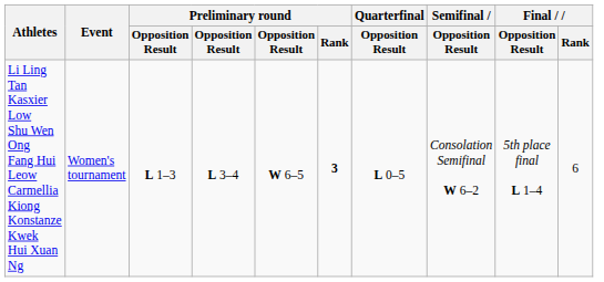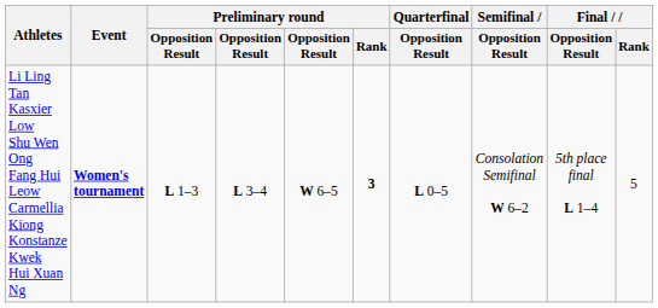 <table class=wikitable style=font-size:90%>
 <tr>
 <th rowspan=2>Athletes</th>
 <th rowspan=2>Event</th>
 <th colspan=4>Preliminary round</th>
 <th>Quarterfinal</th>
 <th>Semifinal / </th>
 <th colspan=2>Final /  / </th>
 </tr>
 <tr style=font-size:95%>
 <th>Opposition<br>Result</th>
 <th>Opposition<br>Result</th>
 <th>Opposition<br>Result</th>
 <th>Rank</th>
 <th>Opposition<br>Result</th>
 <th>Opposition<br>Result</th>
 <th>Opposition<br>Result</th>
 <th>Rank</th>
 </tr>
 <tr align=center>
 <td align=left><a href='#'>Li Ling Tan</a><br><a href='#'>Kasxier Low</a><br><a href='#'>Shu Wen Ong</a><br><a href='#'>Fang Hui Leow</a><br><a href='#'>Carmellia Kiong</a><br><a href='#'>Konstanze Kwek</a><br><a href='#'>Hui Xuan Ng</a></td>
-<td align=left><a href='#'>Women's tournament</a></td>
+<td align=left><strong><a href='#'>Women's tournament</a></strong></td>
 <td><br><strong>L</strong> 1–3</td>
 <td><br><strong>L</strong> 3–4</td>
 <td><br><strong>W</strong> 6–5</td>
 <td><strong>3</strong></td>
 <td><br><strong>L</strong> 0–5</td>
 <td><em>Consolation Semifinal</em><br><br><strong>W</strong> 6–2</td>
 <td><em>5th place final</em><br><br><strong>L</strong> 1–4</td>
-<td>6</td>
+<td>5</td>
 </tr>
 </table>
